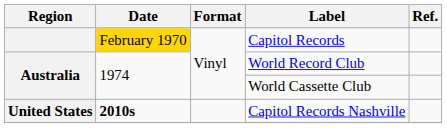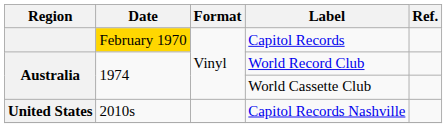 <table class="wikitable plainrowheaders">
 <tr>
 <th scope="col">Region</th>
 <th scope="col">Date</th>
 <th scope="col">Format</th>
 <th scope="col">Label</th>
 <th scope="col">Ref.</th>
 </tr>
 <tr>
 <th scope="row"></th>
 <td style="background: gold;">February 1970</td>
 <td rowspan="3">Vinyl</td>
 <td><a href='#'>Capitol Records</a></td>
 <td></td>
 </tr>
 <tr>
 <th scope="row" rowspan="2">Australia</th>
 <td rowspan="2">1974</td>
 <td><a href='#'>World Record Club</a></td>
 <td></td>
 </tr>
 <tr>
 <td>World Cassette Club</td>
 <td></td>
 </tr>
 <tr>
 <th scope="row">United States</th>
-<td><strong>2010s</strong></td>
+<td>2010s</td>
 <td></td>
 <td><a href='#'>Capitol Records Nashville</a></td>
 <td></td>
 </tr>
 <tr>
 </tr>
 </table>
